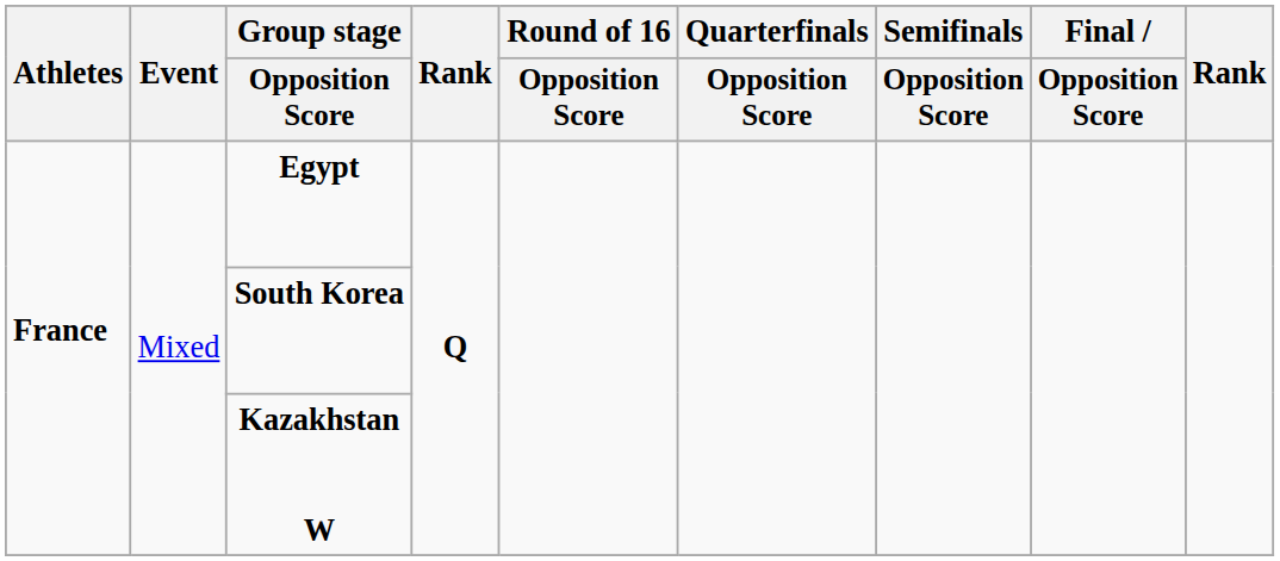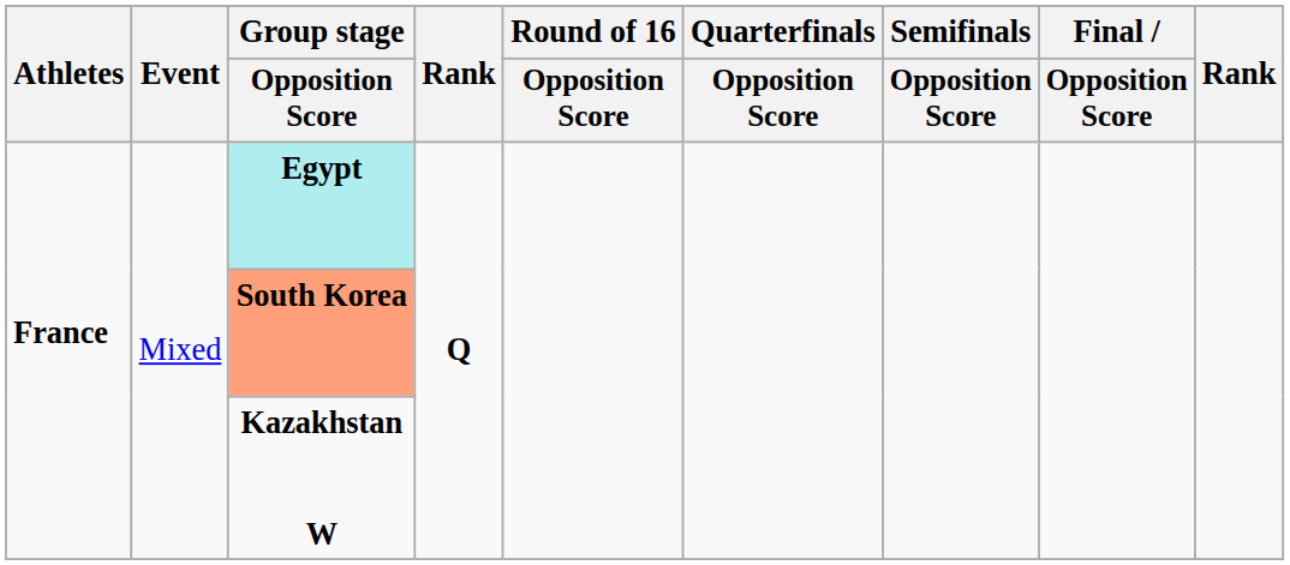 <table class=wikitable style="font-size:90%">
 <tr>
 <th rowspan="2">Athletes</th>
 <th rowspan="2">Event</th>
 <th>Group stage</th>
 <th rowspan="2">Rank</th>
 <th>Round of 16</th>
 <th>Quarterfinals</th>
 <th>Semifinals</th>
 <th>Final / </th>
 <th rowspan=2>Rank</th>
 </tr>
 <tr style="font-size:95%">
 <th>Opposition<br>Score</th>
 <th>Opposition<br>Score</th>
 <th>Opposition<br>Score</th>
 <th>Opposition<br>Score</th>
 <th>Opposition<br>Score</th>
 </tr>
 <tr align=center>
 <td align=left rowspan=3><strong>France</strong><br><br></td>
 <td align=left rowspan=3><a href='#'>Mixed</a></td>
-<td><strong>Egypt</strong><br><br><br></td>
+<td style="background: paleturquoise;"><strong>Egypt</strong><br><br><br></td>
 <td rowspan=3><strong>Q</strong></td>
 <td rowspan=3></td>
 <td rowspan=3></td>
 <td rowspan=3></td>
 <td rowspan=3></td>
 <td rowspan=3></td>
 </tr>
 <tr align=center>
-<td><strong>South Korea</strong><br><br><br></td>
+<td style="background: lightsalmon;"><strong>South Korea</strong><br><br><br></td>
 </tr>
 <tr align=center>
 <td><strong>Kazakhstan</strong><br><br><br><strong>W</strong></td>
 </tr>
 </table>
